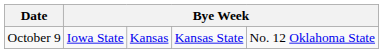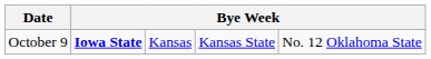 <table class="wikitable" style="font-size:95%;">
 <tr>
 <th>Date</th>
 <th colspan="4">Bye Week</th>
 </tr>
 <tr>
 <td>October 9</td>
-<td><a href='#'>Iowa State</a></td>
+<td><strong><a href='#'>Iowa State</a></strong></td>
 <td><a href='#'>Kansas</a></td>
 <td><a href='#'>Kansas State</a></td>
 <td>No. 12 <a href='#'>Oklahoma State</a></td>
 </tr>
 </table>
